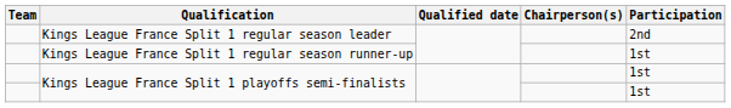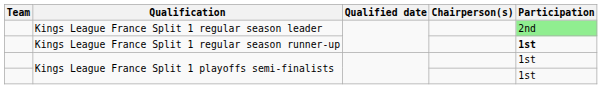 <table class="wikitable sortable">
 <tr>
 <th>Team</th>
 <th class="unsortable">Qualification</th>
 <th>Qualified date</th>
 <th>Chairperson(s)</th>
 <th class="unsortable">Participation</th>
 </tr>
 <tr>
 <td></td>
 <td>Kings League France Split 1 regular season leader</td>
 <td rowspan=2></td>
 <td></td>
-<td>2nd </td>
+<td style="background: lightgreen;">2nd </td>
 </tr>
 <tr>
 <td></td>
 <td>Kings League France Split 1 regular season runner-up</td>
 <td></td>
-<td>1st</td>
+<td><strong>1st</strong></td>
 </tr>
 <tr>
 <td></td>
 <td rowspan=2>Kings League France Split 1 playoffs semi-finalists</td>
 <td rowspan=2></td>
 <td></td>
 <td>1st</td>
 </tr>
 <tr>
 <td></td>
 <td></td>
 <td>1st</td>
 </tr>
 </table>
